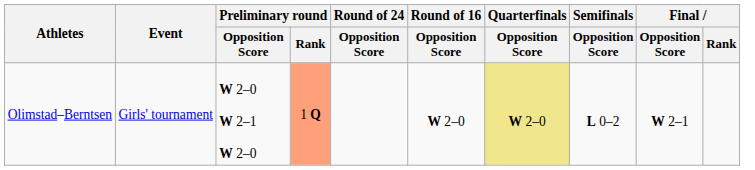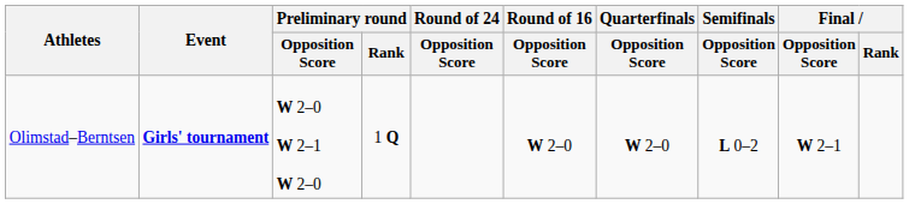 <table class=wikitable style="font-size:90%">
 <tr>
 <th rowspan=2>Athletes</th>
 <th rowspan=2>Event</th>
 <th colspan=2>Preliminary round</th>
 <th>Round of 24</th>
 <th>Round of 16</th>
 <th>Quarterfinals</th>
 <th>Semifinals</th>
 <th colspan=2>Final / </th>
 </tr>
 <tr style="font-size:95%">
 <th>Opposition<br>Score</th>
 <th>Rank</th>
 <th>Opposition<br>Score</th>
 <th>Opposition<br>Score</th>
 <th>Opposition<br>Score</th>
 <th>Opposition<br>Score</th>
 <th>Opposition<br>Score</th>
 <th>Rank</th>
 </tr>
 <tr align=center>
 <td align=left><a href='#'>Olimstad</a>–<a href='#'>Berntsen</a></td>
-<td align=left><a href='#'>Girls' tournament</a></td>
+<td align=left><strong><a href='#'>Girls' tournament</a></strong></td>
 <td align=left><br> <strong>W</strong> 2–0<br><br> <strong>W</strong> 2–1<br><br> <strong>W</strong> 2–0</td>
-<td style="background: lightsalmon;">1 <strong>Q</strong></td>
+<td>1 <strong>Q</strong></td>
 <td></td>
 <td><br> <strong>W</strong> 2–0</td>
-<td style="background: khaki;"><br> <strong>W</strong> 2–0</td>
+<td><br> <strong>W</strong> 2–0</td>
 <td><br> <strong>L</strong> 0–2</td>
 <td><br> <strong>W</strong> 2–1</td>
 <td></td>
 </tr>
 </table>
